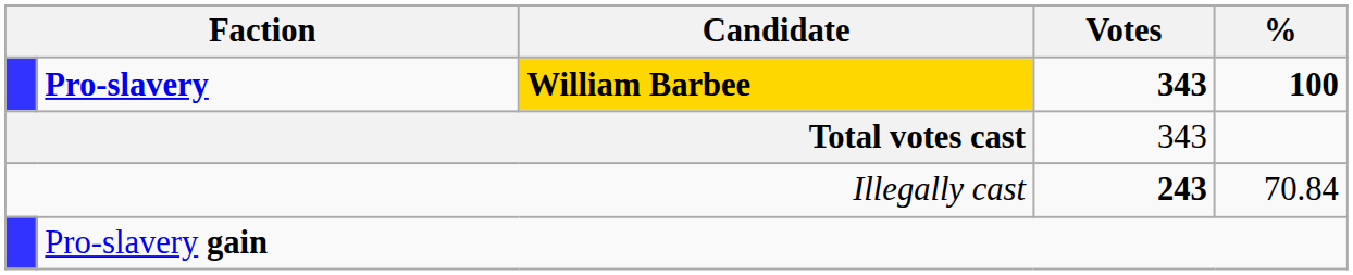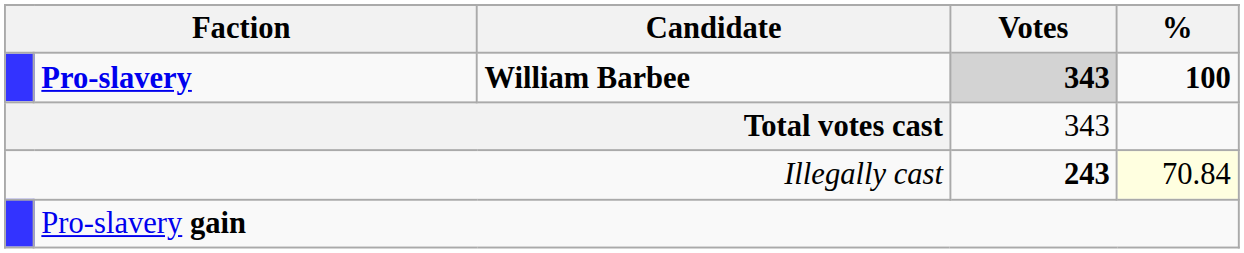 <table class="wikitable plainrowheaders" style="text-align:center;">
 <tr>
 </tr>
 <tr>
 <th scope="col" colspan="2" style="width: 15em">Faction</th>
 <th scope="col" style="width: 15em">Candidate</th>
 <th scope="col" style="width: 5em">Votes</th>
 <th scope="col" style="width: 3.5em">%</th>
 </tr>
 <tr>
 <td style="width: 0.5em; background-color:#3333FF"></td>
 <td style="text-align: left"><strong><a href='#'>Pro-slavery</a></strong></td>
-<td style="background: gold; text-align: left"><strong>William Barbee</strong></td>
-<td style="text-align: right; margin-right: 0.5em"><strong>343</strong></td>
+<td style="text-align: left"><strong>William Barbee</strong></td>
+<td style="background: lightgrey; text-align: right; margin-right: 0.5em"><strong>343</strong></td>
 <td style="text-align: right; margin-right: 0.5em"><strong>100</strong></td>
 </tr>
 <tr>
 <th colspan="3" style="text-align:right;">Total votes cast</th>
 <td style="text-align:right;">343</td>
 <td style="text-align:right;"></td>
 </tr>
 <tr>
 <td colspan="3" style="text-align:right;"><em>Illegally cast</em></td>
 <td style="text-align:right;"><strong>243</strong></td>
-<td style="text-align:right;">70.84</td>
+<td style="background: lightyellow; text-align:right;">70.84</td>
 </tr>
 <tr>
 <td style="width: 0.5em; background-color:#3333FF"></td>
 <td colspan="4" style="text-align:left;"><a href='#'>Pro-slavery</a> <strong>gain</strong></td>
 </tr>
 </table>
